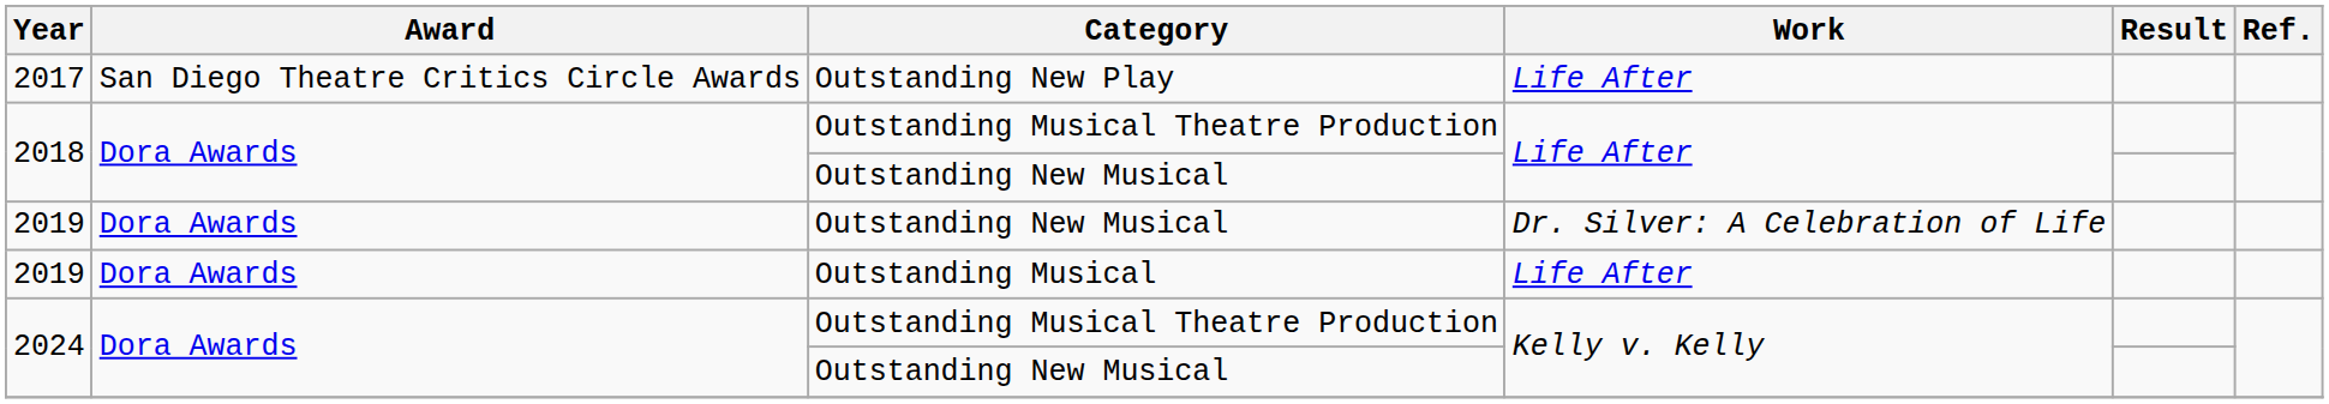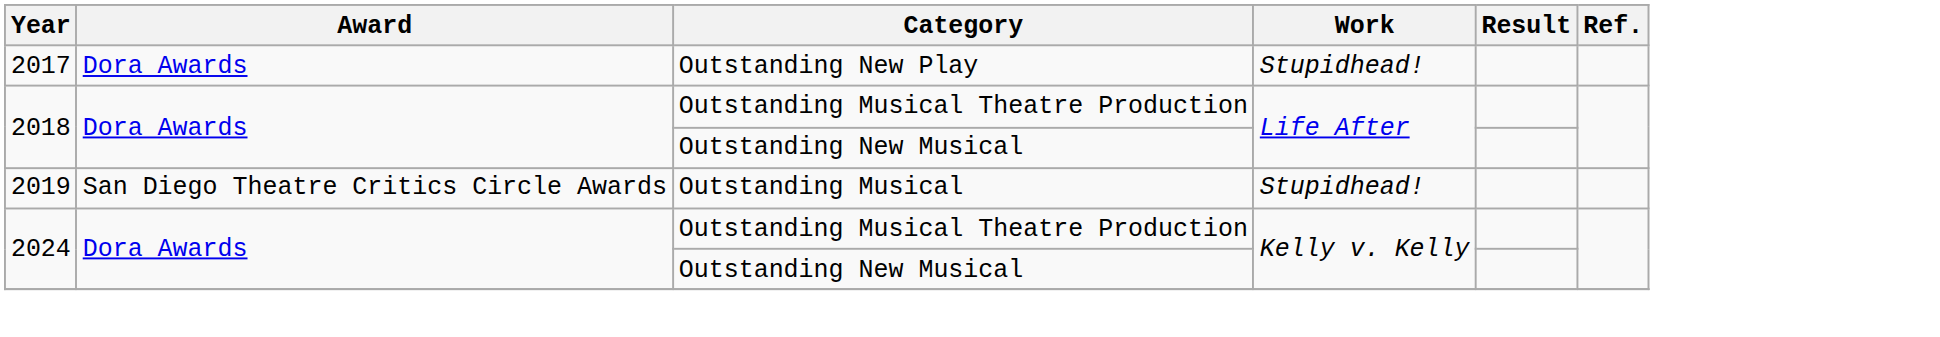 <table class="wikitable">
 <tr>
 <th>Year</th>
 <th>Award</th>
 <th>Category</th>
 <th>Work</th>
 <th>Result</th>
 <th>Ref.</th>
 </tr>
 <tr>
 <td>2017</td>
-<td>San Diego Theatre Critics Circle Awards</td>
+<td><a href='#'>Dora Awards</a></td>
 <td>Outstanding New Play</td>
-<td><em><a href='#'> Life After</a></em></td>
+<td><em>Stupidhead!</em></td>
 <td></td>
 <td style="text-align: center;"></td>
 </tr>
 <tr>
 <td rowspan="2">2018</td>
 <td rowspan="2"><a href='#'>Dora Awards</a></td>
 <td>Outstanding Musical Theatre Production</td>
 <td rowspan="2"><em><a href='#'> Life After</a></em></td>
 <td></td>
 <td rowspan="2" style="text-align: center;"></td>
 </tr>
 <tr>
 <td>Outstanding New Musical</td>
 <td></td>
 </tr>
 <tr>
 <td>2019</td>
-<td><a href='#'>Dora Awards</a></td>
-<td>Outstanding New Musical</td>
-<td><em>Dr. Silver: A Celebration of Life</em></td>
-<td></td>
-<td style="text-align: center;"></td>
-</tr>
-<tr>
-<td>2019</td>
-<td><a href='#'>Dora Awards</a></td>
+<td>San Diego Theatre Critics Circle Awards</td>
 <td>Outstanding Musical</td>
-<td><em><a href='#'> Life After</a></em></td>
+<td><em>Stupidhead!</em></td>
 <td></td>
 <td style="text-align: center;"></td>
 </tr>
 <tr>
 <td rowspan="2">2024</td>
 <td rowspan="2"><a href='#'>Dora Awards</a></td>
 <td>Outstanding Musical Theatre Production</td>
 <td rowspan="2"><em>Kelly v. Kelly</em></td>
 <td></td>
 <td rowspan="2" style="text-align: center;"></td>
 </tr>
 <tr>
 <td>Outstanding New Musical</td>
 <td></td>
 </tr>
 <tr>
 </tr>
 </table>
